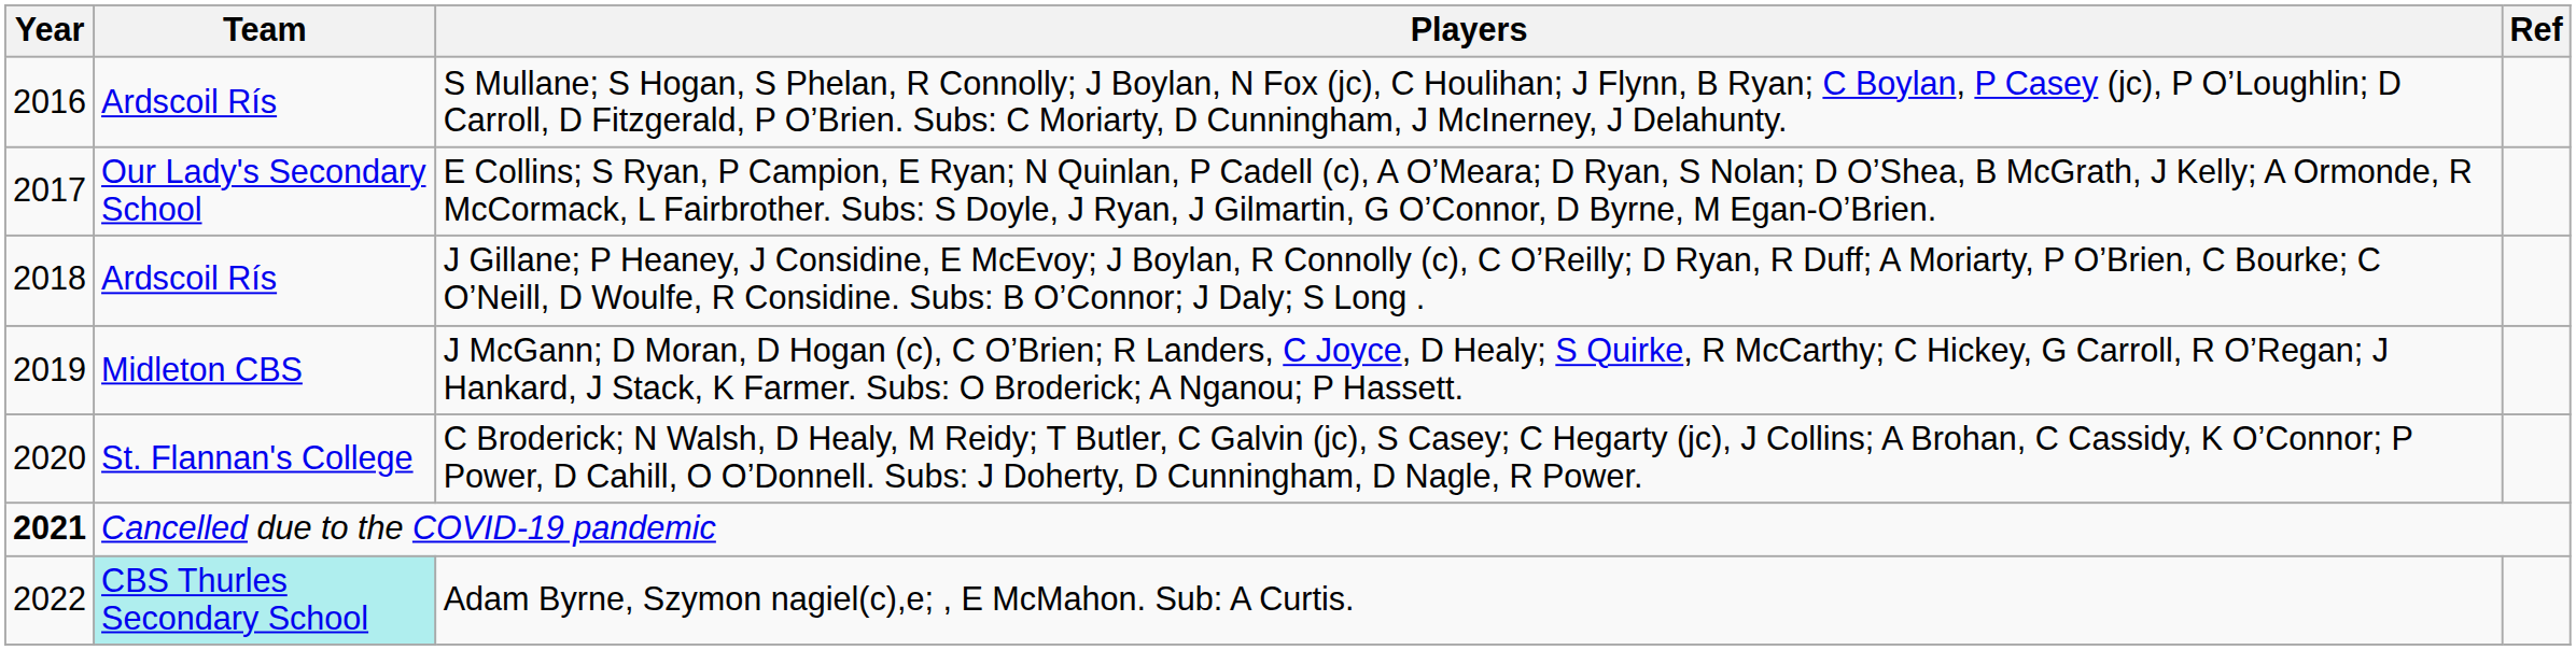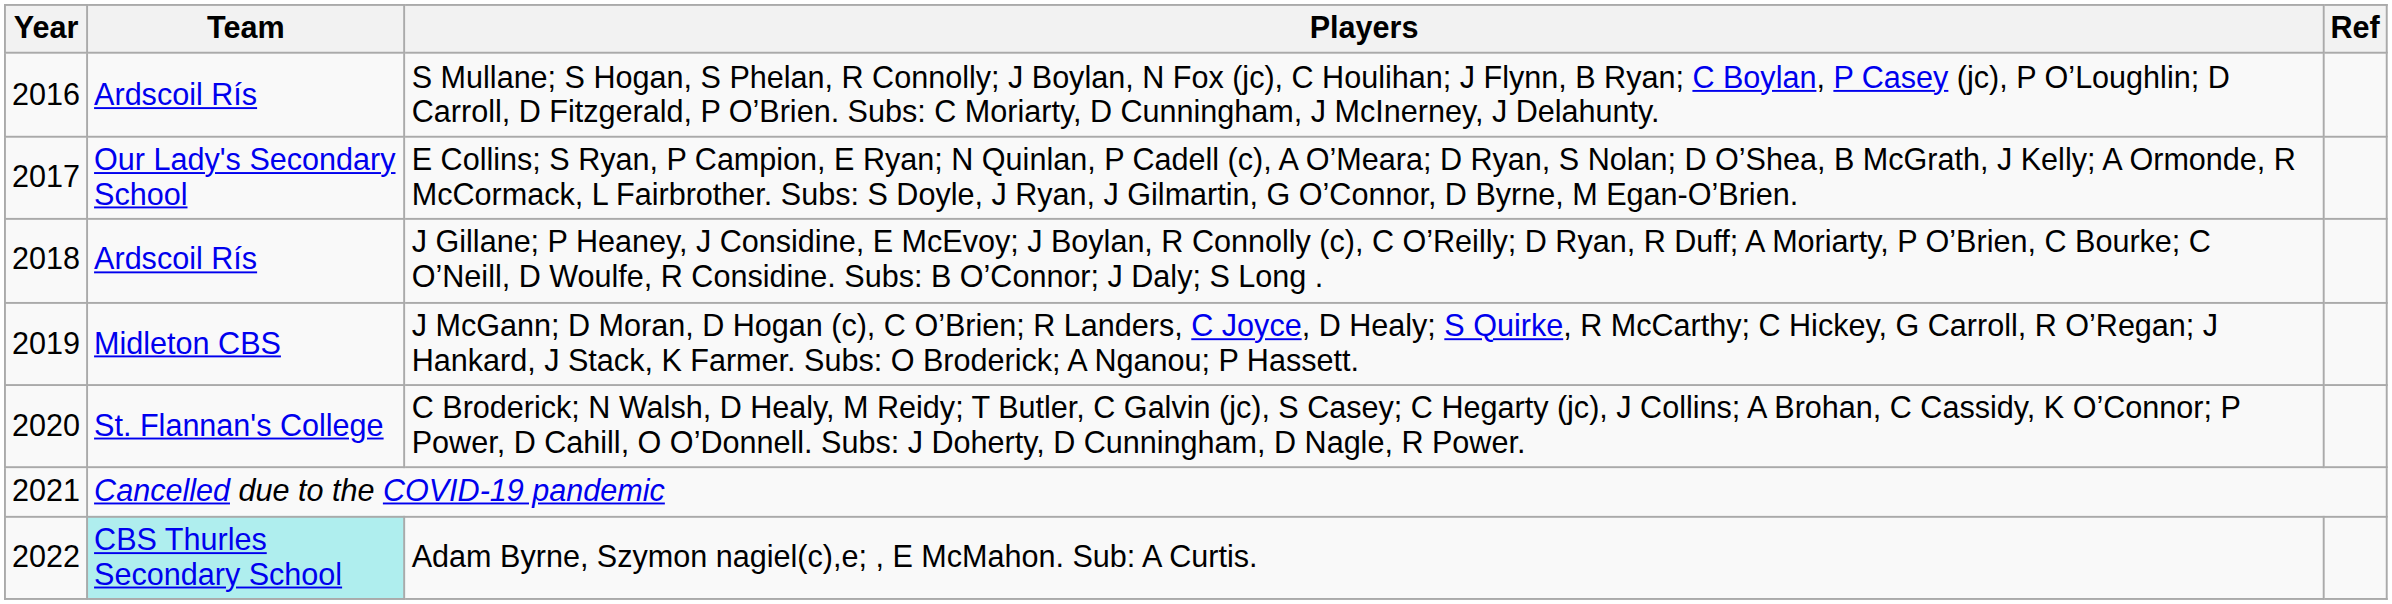 <table class="wikitable plainrowheaders sortable">
 <tr>
 <th scope=col>Year</th>
 <th scope=col>Team</th>
 <th scope=col class="unsortable">Players</th>
 <th scope=col class="unsortable">Ref</th>
 </tr>
 <tr>
 <td align="center">2016</td>
 <td> <a href='#'>Ardscoil Rís</a></td>
 <td>S Mullane; S Hogan, S Phelan, R Connolly; J Boylan, N Fox (jc), C Houlihan; J Flynn, B Ryan; <a href='#'>C Boylan</a>, <a href='#'>P Casey</a> (jc), P O’Loughlin; D Carroll, D Fitzgerald, P O’Brien. Subs: C Moriarty, D Cunningham, J McInerney, J Delahunty.</td>
 <td></td>
 </tr>
 <tr>
 <td align="center">2017</td>
 <td> <a href='#'>Our Lady's Secondary School</a></td>
 <td>E Collins; S Ryan, P Campion, E Ryan; N Quinlan, P Cadell (c), A O’Meara; D Ryan, S Nolan; D O’Shea, B McGrath, J Kelly; A Ormonde, R McCormack, L Fairbrother. Subs: S Doyle, J Ryan, J Gilmartin, G O’Connor, D Byrne, M Egan-O’Brien.</td>
 <td></td>
 </tr>
 <tr>
 <td align="center">2018</td>
 <td> <a href='#'>Ardscoil Rís</a></td>
 <td>J Gillane; P Heaney, J Considine, E McEvoy; J Boylan, R Connolly (c), C O’Reilly; D Ryan, R Duff; A Moriarty, P O’Brien, C Bourke; C O’Neill, D Woulfe, R Considine. Subs: B O’Connor; J Daly; S Long .</td>
 <td></td>
 </tr>
 <tr>
 <td align="center">2019</td>
 <td> <a href='#'>Midleton CBS</a></td>
 <td>J McGann; D Moran, D Hogan (c), C O’Brien; R Landers, <a href='#'>C Joyce</a>, D Healy; <a href='#'>S Quirke</a>, R McCarthy; C Hickey, G Carroll, R O’Regan; J Hankard, J Stack, K Farmer. Subs: O Broderick; A Nganou; P Hassett.</td>
 <td></td>
 </tr>
 <tr>
 <td align="center">2020</td>
 <td> <a href='#'>St. Flannan's College</a></td>
 <td>C Broderick; N Walsh, D Healy, M Reidy; T Butler, C Galvin (jc), S Casey; C Hegarty (jc), J Collins; A Brohan, C Cassidy, K O’Connor; P Power, D Cahill, O O’Donnell. Subs: J Doherty, D Cunningham, D Nagle, R Power.</td>
 <td></td>
 </tr>
 <tr>
-<td align="center"><strong>2021</strong></td>
+<td align="center">2021</td>
 <td colspan=3><em><a href='#'>Cancelled</a> due to the <a href='#'>COVID-19 pandemic</a></em></td>
 </tr>
 <tr>
 <td align="center">2022</td>
 <td style="background: paleturquoise;"> <a href='#'>CBS Thurles Secondary School</a></td>
 <td>Adam Byrne, Szymon nagiel(c),e; , E McMahon. Sub: A Curtis.</td>
 <td></td>
 </tr>
 </table>
